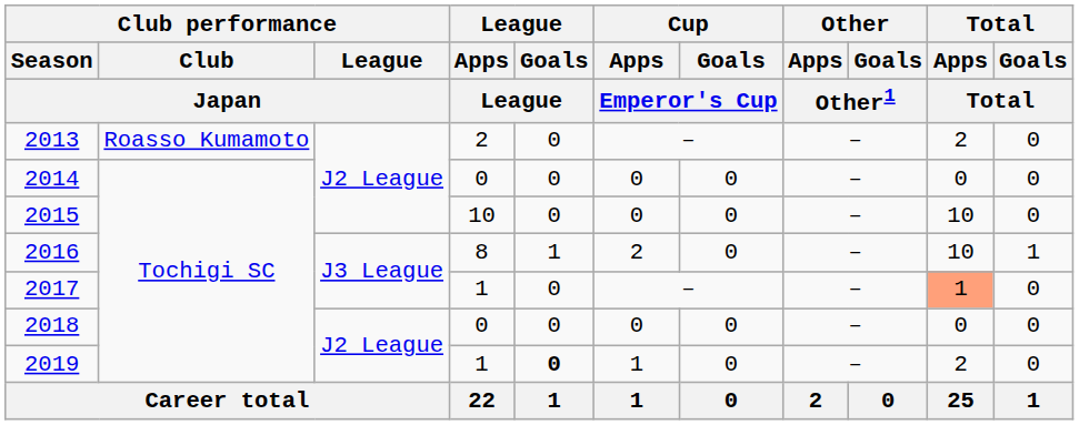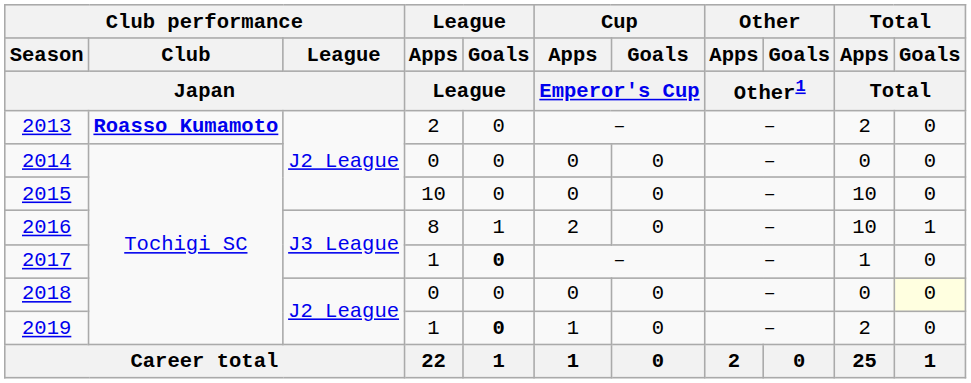 <table class="wikitable" style="text-align:center">
 <tr>
 <th colspan=3>Club performance</th>
 <th colspan=2>League</th>
 <th colspan=2>Cup</th>
 <th colspan=2>Other</th>
 <th colspan=2>Total</th>
 </tr>
 <tr>
 <th>Season</th>
 <th>Club</th>
 <th>League</th>
 <th>Apps</th>
 <th>Goals</th>
 <th>Apps</th>
 <th>Goals</th>
 <th>Apps</th>
 <th>Goals</th>
 <th>Apps</th>
 <th>Goals</th>
 </tr>
 <tr>
 <th colspan=3>Japan</th>
 <th colspan=2>League</th>
 <th colspan=2><a href='#'>Emperor's Cup</a></th>
 <th colspan="2">Other<sup><a href='#'>1</a></sup></th>
 <th colspan=2>Total</th>
 </tr>
 <tr>
 <td><a href='#'>2013</a></td>
-<td><a href='#'>Roasso Kumamoto</a></td>
+<td><strong><a href='#'>Roasso Kumamoto</a></strong></td>
 <td rowspan="3"><a href='#'>J2 League</a></td>
 <td>2</td>
 <td>0</td>
 <td colspan="2">–</td>
 <td colspan="2">–</td>
 <td>2</td>
 <td>0</td>
 </tr>
 <tr>
 <td><a href='#'>2014</a></td>
 <td rowspan="6"><a href='#'>Tochigi SC</a></td>
 <td>0</td>
 <td>0</td>
 <td>0</td>
 <td>0</td>
 <td colspan="2">–</td>
 <td>0</td>
 <td>0</td>
 </tr>
 <tr>
 <td><a href='#'>2015</a></td>
 <td>10</td>
 <td>0</td>
 <td>0</td>
 <td>0</td>
 <td colspan="2">–</td>
 <td>10</td>
 <td>0</td>
 </tr>
 <tr>
 <td><a href='#'>2016</a></td>
 <td rowspan="2"><a href='#'>J3 League</a></td>
 <td>8</td>
 <td>1</td>
 <td>2</td>
 <td>0</td>
 <td colspan="2">–</td>
 <td>10</td>
 <td>1</td>
 </tr>
 <tr>
 <td><a href='#'>2017</a></td>
 <td>1</td>
-<td>0</td>
+<td><strong>0</strong></td>
 <td colspan="2">–</td>
 <td colspan="2">–</td>
-<td style="background: lightsalmon;">1</td>
+<td>1</td>
 <td>0</td>
 </tr>
 <tr>
 <td><a href='#'>2018</a></td>
 <td rowspan="2"><a href='#'>J2 League</a></td>
 <td>0</td>
 <td>0</td>
 <td>0</td>
 <td>0</td>
 <td colspan="2">–</td>
 <td>0</td>
-<td>0</td>
+<td style="background: lightyellow;">0</td>
 </tr>
 <tr>
 <td><a href='#'>2019</a></td>
 <td>1</td>
 <td><strong>0</strong></td>
 <td>1</td>
 <td>0</td>
 <td colspan="2">–</td>
 <td>2</td>
 <td>0</td>
 </tr>
 <tr>
 <th colspan=3>Career total</th>
 <th>22</th>
 <th>1</th>
 <th>1</th>
 <th>0</th>
 <th>2</th>
 <th>0</th>
 <th>25</th>
 <th>1</th>
 </tr>
 </table>
